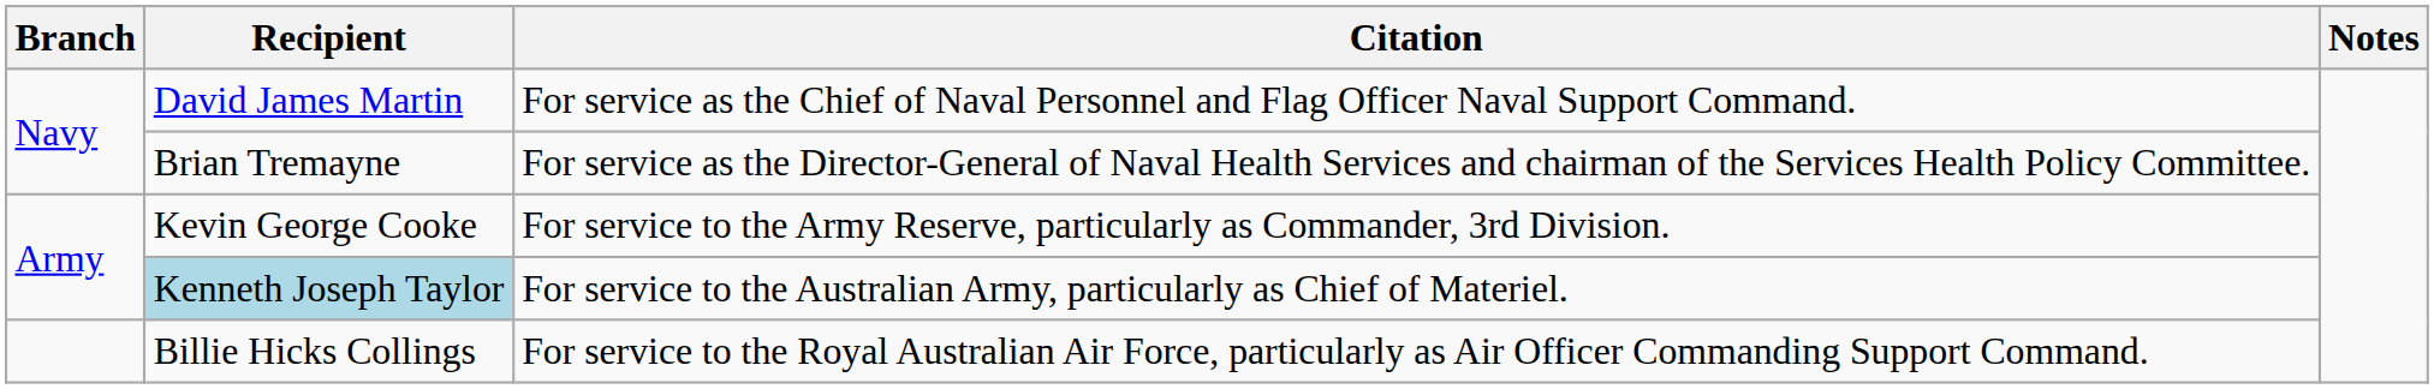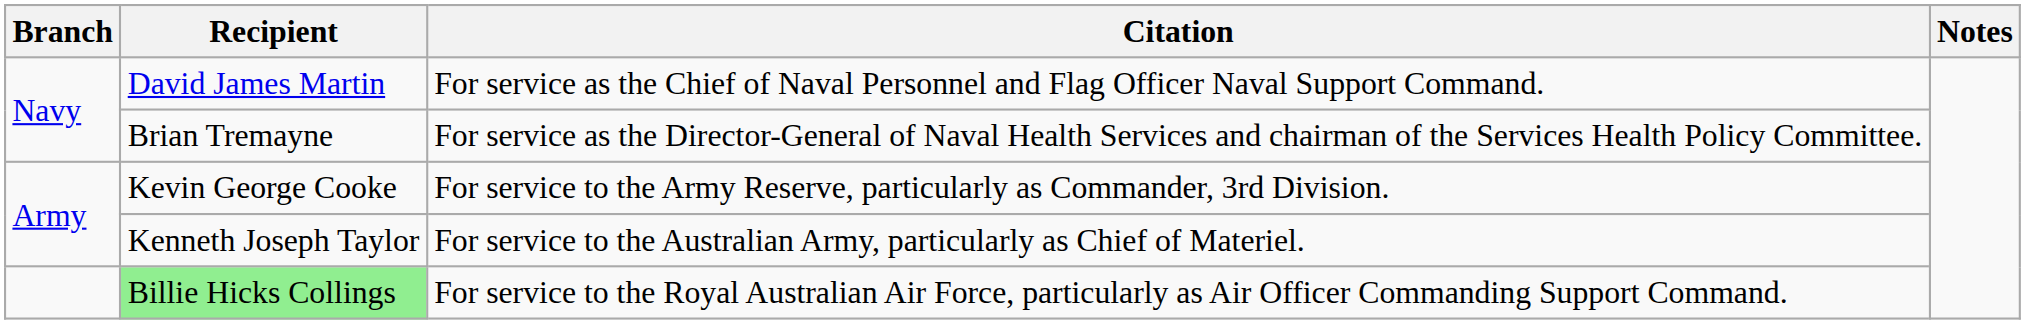 <table class="wikitable" style="font-size:95%;">
 <tr>
 <th>Branch</th>
 <th>Recipient</th>
 <th>Citation</th>
 <th>Notes</th>
 </tr>
 <tr>
 <td rowspan=2><a href='#'>Navy</a></td>
 <td> <a href='#'>David James Martin</a></td>
 <td>For service as the Chief of Naval Personnel and Flag Officer Naval Support Command.</td>
 <td rowspan=5></td>
 </tr>
 <tr>
 <td> Brian Tremayne</td>
 <td>For service as the Director-General of Naval Health Services and chairman of the Services Health Policy Committee.</td>
 </tr>
 <tr>
 <td rowspan=2><a href='#'>Army</a></td>
 <td> Kevin George Cooke</td>
 <td>For service to the Army Reserve, particularly as Commander, 3rd Division.</td>
 </tr>
 <tr>
-<td style="background: lightblue;"> Kenneth Joseph Taylor</td>
+<td> Kenneth Joseph Taylor</td>
 <td>For service to the Australian Army, particularly as Chief of Materiel.</td>
 </tr>
 <tr>
 <td></td>
-<td> Billie Hicks Collings</td>
+<td style="background: lightgreen;"> Billie Hicks Collings</td>
 <td>For service to the Royal Australian Air Force, particularly as Air Officer Commanding Support Command.</td>
 </tr>
 </table>
